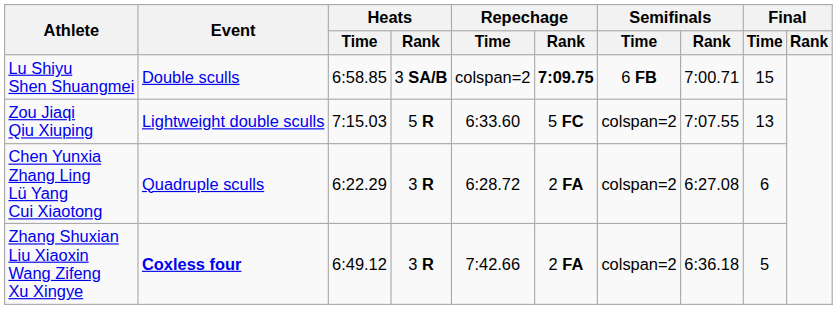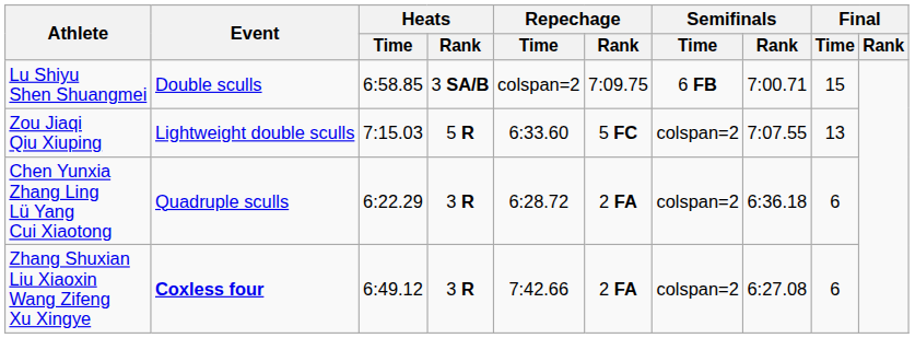 <table class=wikitable style=font-size:90%;text-align:center>
 <tr>
 <th rowspan=2>Athlete</th>
 <th rowspan=2>Event</th>
 <th colspan=2>Heats</th>
 <th colspan=2>Repechage</th>
 <th colspan=2>Semifinals</th>
 <th colspan=2>Final</th>
 </tr>
 <tr style=font-size:95%>
 <th>Time</th>
 <th>Rank</th>
 <th>Time</th>
 <th>Rank</th>
 <th>Time</th>
 <th>Rank</th>
 <th>Time</th>
 <th>Rank</th>
 </tr>
 <tr>
 <td align=left><a href='#'>Lu Shiyu</a><br><a href='#'>Shen Shuangmei</a></td>
 <td align=left><a href='#'>Double sculls</a></td>
 <td>6:58.85</td>
 <td>3 <strong>SA/B</strong></td>
 <td>colspan=2</td>
-<td><strong>7:09.75</strong></td>
+<td>7:09.75</td>
 <td>6 <strong>FB</strong></td>
 <td>7:00.71</td>
 <td>15</td>
 </tr>
 <tr>
 <td align=left><a href='#'>Zou Jiaqi</a><br><a href='#'>Qiu Xiuping</a></td>
 <td align=left><a href='#'>Lightweight double sculls</a></td>
 <td>7:15.03</td>
 <td>5 <strong>R</strong></td>
 <td>6:33.60</td>
 <td>5 <strong>FC</strong></td>
 <td>colspan=2</td>
 <td>7:07.55</td>
 <td>13</td>
 </tr>
 <tr>
 <td align=left><a href='#'>Chen Yunxia</a><br><a href='#'>Zhang Ling</a><br><a href='#'>Lü Yang</a><br><a href='#'>Cui Xiaotong</a></td>
 <td align=left><a href='#'>Quadruple sculls</a></td>
 <td>6:22.29</td>
 <td>3 <strong>R</strong></td>
 <td>6:28.72</td>
 <td>2 <strong>FA</strong></td>
 <td>colspan=2</td>
-<td>6:27.08</td>
+<td>6:36.18</td>
 <td>6</td>
 </tr>
 <tr>
 <td align=left><a href='#'>Zhang Shuxian</a><br><a href='#'>Liu Xiaoxin</a><br><a href='#'>Wang Zifeng</a><br><a href='#'>Xu Xingye</a></td>
 <td align=left><strong><a href='#'>Coxless four</a></strong></td>
 <td>6:49.12</td>
 <td>3 <strong>R</strong></td>
 <td>7:42.66</td>
 <td>2 <strong>FA</strong></td>
 <td>colspan=2</td>
-<td>6:36.18</td>
-<td>5</td>
+<td>6:27.08</td>
+<td>6</td>
 </tr>
 </table>
